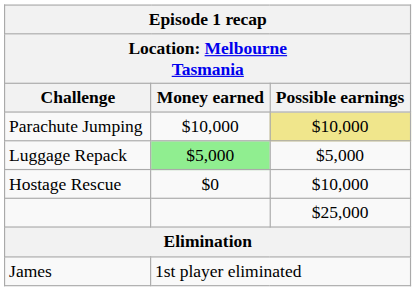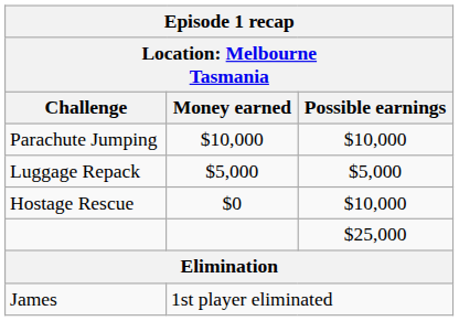 <table class="wikitable" style="font-size: 95%; margin: 10px" align="right" width="40%">
 <tr>
 <th colspan=3>Episode 1 recap</th>
 </tr>
 <tr>
 <th colspan=3>Location: <a href='#'>Melbourne</a><br><a href='#'>Tasmania</a></th>
 </tr>
 <tr>
 <th>Challenge</th>
 <th>Money earned</th>
 <th>Possible earnings</th>
 </tr>
 <tr>
 <td>Parachute Jumping</td>
 <td align="center">$10,000</td>
-<td align="center" style="background: khaki;">$10,000</td>
+<td align="center">$10,000</td>
 </tr>
 <tr>
 <td>Luggage Repack</td>
-<td align="center" style="background: lightgreen;">$5,000</td>
+<td align="center">$5,000</td>
 <td align="center">$5,000</td>
 </tr>
 <tr>
 <td>Hostage Rescue</td>
 <td align="center">$0</td>
 <td align="center">$10,000</td>
 </tr>
 <tr>
 <td><strong></strong></td>
 <td align="center"><strong></strong></td>
 <td align="center">$25,000</td>
 </tr>
 <tr>
 <th colspan=3>Elimination</th>
 </tr>
 <tr>
 <td>James</td>
 <td colspan=2>1st player eliminated</td>
 </tr>
 </table>
